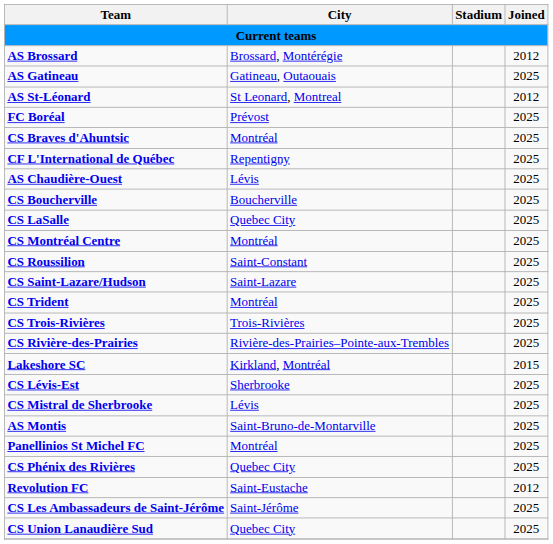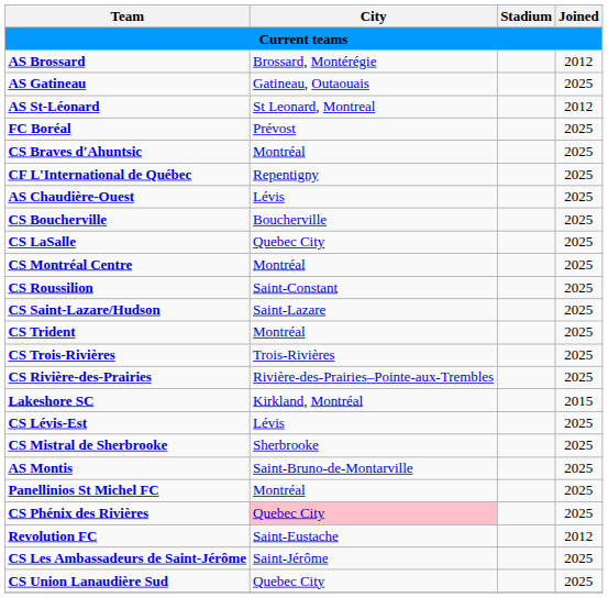 <table class="wikitable" style="text-align:left">
 <tr>
 <th style="background:">Team</th>
 <th style="background:">City</th>
 <th style="background:">Stadium</th>
 <th style="background:">Joined</th>
 </tr>
 <tr>
 <th style="background:#0099FF" colspan="6"><span><strong>Current teams</strong></span></th>
 </tr>
 <tr>
 <td><strong><a href='#'>AS Brossard</a></strong></td>
 <td><a href='#'>Brossard</a>, <a href='#'>Montérégie</a></td>
 <td></td>
 <td align="center">2012</td>
 </tr>
 <tr>
 <td><strong><a href='#'>AS Gatineau</a></strong></td>
 <td><a href='#'>Gatineau</a>, <a href='#'>Outaouais</a></td>
 <td></td>
 <td align="center">2025</td>
 </tr>
 <tr>
 <td><strong><a href='#'>AS St-Léonard</a></strong></td>
 <td><a href='#'>St Leonard</a>, <a href='#'>Montreal</a></td>
 <td></td>
 <td align="center">2012</td>
 </tr>
 <tr>
 <td><strong><a href='#'>FC Boréal</a></strong></td>
 <td><a href='#'>Prévost</a></td>
 <td></td>
 <td align="center">2025</td>
 </tr>
 <tr>
 <td><strong><a href='#'>CS Braves d'Ahuntsic</a></strong></td>
 <td><a href='#'>Montréal</a></td>
 <td></td>
 <td align="center">2025</td>
 </tr>
 <tr>
 <td><strong><a href='#'>CF L'International de Québec</a></strong></td>
 <td><a href='#'>Repentigny</a></td>
 <td></td>
 <td align="center">2025</td>
 </tr>
 <tr>
 <td><strong><a href='#'>AS Chaudière-Ouest</a></strong></td>
 <td><a href='#'>Lévis</a></td>
 <td></td>
 <td align="center">2025</td>
 </tr>
 <tr>
 <td><strong><a href='#'>CS Boucherville</a></strong></td>
 <td><a href='#'>Boucherville</a></td>
 <td></td>
 <td align="center">2025</td>
 </tr>
 <tr>
 <td><strong><a href='#'>CS LaSalle</a></strong></td>
 <td><a href='#'>Quebec City</a></td>
 <td></td>
 <td align="center">2025</td>
 </tr>
 <tr>
 <td><strong><a href='#'>CS Montréal Centre</a></strong></td>
 <td><a href='#'>Montréal</a></td>
 <td></td>
 <td align="center">2025</td>
 </tr>
 <tr>
 <td><strong><a href='#'>CS Roussilion</a></strong></td>
 <td><a href='#'>Saint-Constant</a></td>
 <td></td>
 <td align="center">2025</td>
 </tr>
 <tr>
 <td><strong><a href='#'>CS Saint-Lazare/Hudson</a></strong></td>
 <td><a href='#'>Saint-Lazare</a></td>
 <td></td>
 <td align="center">2025</td>
 </tr>
 <tr>
 <td><strong><a href='#'>CS Trident</a></strong></td>
 <td><a href='#'>Montréal</a></td>
 <td></td>
 <td align="center">2025</td>
 </tr>
 <tr>
 <td><strong><a href='#'>CS Trois-Rivières</a></strong></td>
 <td><a href='#'>Trois-Rivières</a></td>
 <td></td>
 <td align="center">2025</td>
 </tr>
 <tr>
 <td><strong><a href='#'>CS Rivière-des-Prairies</a></strong></td>
 <td><a href='#'>Rivière-des-Prairies–Pointe-aux-Trembles</a></td>
 <td></td>
 <td align="center">2025</td>
 </tr>
 <tr>
 <td><strong><a href='#'>Lakeshore SC</a></strong></td>
 <td><a href='#'>Kirkland</a>, <a href='#'>Montréal</a></td>
 <td></td>
 <td align="center">2015</td>
 </tr>
 <tr>
 <td><strong><a href='#'>CS Lévis-Est</a></strong></td>
-<td><a href='#'>Sherbrooke</a></td>
+<td><a href='#'>Lévis</a></td>
 <td></td>
 <td align="center">2025</td>
 </tr>
 <tr>
 <td><strong><a href='#'>CS Mistral de Sherbrooke</a></strong></td>
-<td><a href='#'>Lévis</a></td>
+<td><a href='#'>Sherbrooke</a></td>
 <td></td>
 <td align="center">2025</td>
 </tr>
 <tr>
 <td><strong><a href='#'>AS Montis</a></strong></td>
 <td><a href='#'>Saint-Bruno-de-Montarville</a></td>
 <td></td>
 <td align="center">2025</td>
 </tr>
 <tr>
 <td><strong><a href='#'>Panellinios St Michel FC</a></strong></td>
 <td><a href='#'>Montréal</a></td>
 <td></td>
 <td align="center">2025</td>
 </tr>
 <tr>
 <td><strong><a href='#'>CS Phénix des Rivières</a></strong></td>
-<td><a href='#'>Quebec City</a></td>
+<td style="background: pink;"><a href='#'>Quebec City</a></td>
 <td></td>
 <td align="center">2025</td>
 </tr>
 <tr>
 <td><strong><a href='#'>Revolution FC</a></strong></td>
 <td><a href='#'>Saint-Eustache</a></td>
 <td></td>
 <td align="center">2012</td>
 </tr>
 <tr>
 <td><strong><a href='#'>CS Les Ambassadeurs de Saint-Jérôme</a></strong></td>
 <td><a href='#'>Saint-Jérôme</a></td>
 <td></td>
 <td align="center">2025</td>
 </tr>
 <tr>
 <td><strong><a href='#'>CS Union Lanaudière Sud</a></strong></td>
 <td><a href='#'>Quebec City</a></td>
 <td></td>
 <td align="center">2025</td>
 </tr>
 <tr>
 </tr>
 </table>
